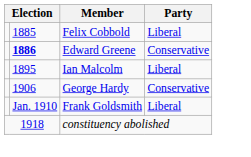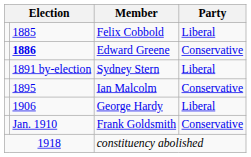 <table class="wikitable">
 <tr>
 <th colspan="2">Election</th>
 <th>Member</th>
 <th>Party</th>
 </tr>
 <tr>
 <td style="color:inherit;background-color: "></td>
 <td><a href='#'>1885</a></td>
 <td><a href='#'>Felix Cobbold</a></td>
 <td><a href='#'>Liberal</a></td>
 </tr>
 <tr>
 <td style="color:inherit;background-color: "></td>
 <td><strong><a href='#'>1886</a></strong></td>
 <td><a href='#'>Edward Greene</a></td>
 <td><a href='#'>Conservative</a></td>
 </tr>
 <tr>
 <td style="color:inherit;background-color: "></td>
+<td><a href='#'>1891 by-election</a></td>
+<td><a href='#'>Sydney Stern</a></td>
+<td><a href='#'>Liberal</a></td>
+</tr>
+<tr>
+<td style="color:inherit;background-color: "></td>
 <td><a href='#'>1895</a></td>
 <td><a href='#'>Ian Malcolm</a></td>
-<td><a href='#'>Liberal</a></td>
+<td><a href='#'>Conservative</a></td>
 </tr>
 <tr>
 <td style="color:inherit;background-color: "></td>
 <td><a href='#'>1906</a></td>
 <td><a href='#'>George Hardy</a></td>
-<td><a href='#'>Conservative</a></td>
+<td><a href='#'>Liberal</a></td>
 </tr>
 <tr>
 <td style="color:inherit;background-color: "></td>
 <td><a href='#'>Jan. 1910</a></td>
 <td><a href='#'>Frank Goldsmith</a></td>
-<td><a href='#'>Liberal</a></td>
+<td><a href='#'>Conservative</a></td>
 </tr>
 <tr>
 <td colspan="2" align="center"><a href='#'>1918</a></td>
 <td colspan="2"><em>constituency abolished</em></td>
 </tr>
 </table>
